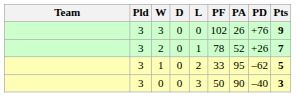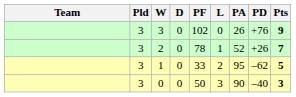 <table class="wikitable" style="text-align:center;">
 <tr>
 <th width=175>Team</th>
 <th width=20 abbr="Played">Pld</th>
 <th width=20 abbr="Won">W</th>
 <th width=20 abbr="Drawn">D</th>
+<th width=20 abbr="Points for">PF</th>
 <th width=20 abbr="Lost">L</th>
-<th width=20 abbr="Points for">PF</th>
 <th width=20 abbr="Points against">PA</th>
 <th width=25 abbr="Points difference">PD</th>
 <th width=20 abbr="Points">Pts</th>
 </tr>
 <tr style="background:#ccffcc">
 <td align=left></td>
 <td>3</td>
 <td>3</td>
 <td>0</td>
+<td>102</td>
 <td>0</td>
-<td>102</td>
 <td>26</td>
 <td>+76</td>
 <td><strong>9</strong></td>
 </tr>
 <tr style="background:#ccffcc">
 <td align=left></td>
 <td>3</td>
 <td>2</td>
 <td>0</td>
+<td>78</td>
 <td>1</td>
-<td>78</td>
 <td>52</td>
 <td>+26</td>
 <td><strong>7</strong></td>
 </tr>
 <tr style="background:#feffb4">
 <td align=left></td>
 <td>3</td>
 <td>1</td>
 <td>0</td>
+<td>33</td>
 <td>2</td>
-<td>33</td>
 <td>95</td>
 <td>–62</td>
 <td><strong>5</strong></td>
 </tr>
 <tr style="background:#feffb4">
 <td align=left></td>
 <td>3</td>
 <td>0</td>
 <td>0</td>
+<td>50</td>
 <td>3</td>
-<td>50</td>
 <td>90</td>
 <td>–40</td>
 <td><strong>3</strong></td>
 </tr>
 </table>
